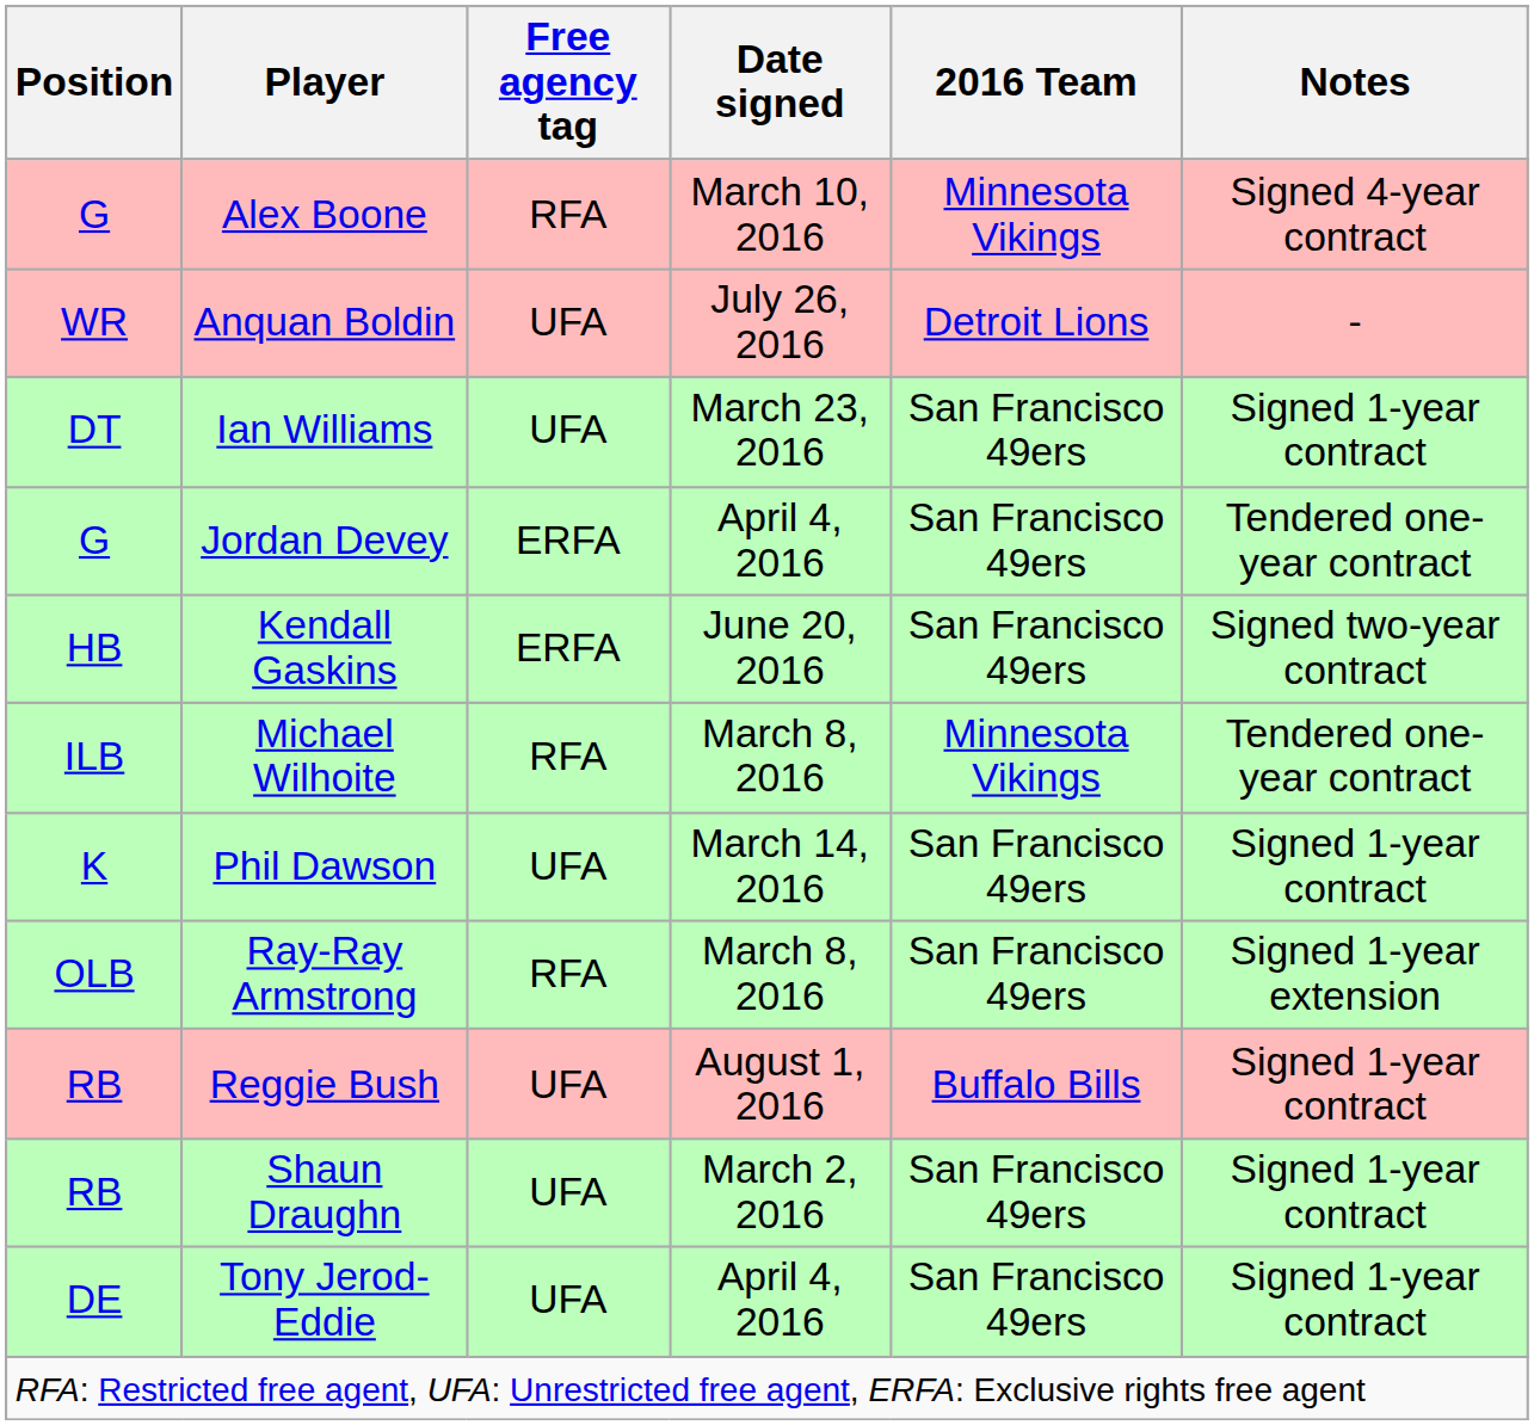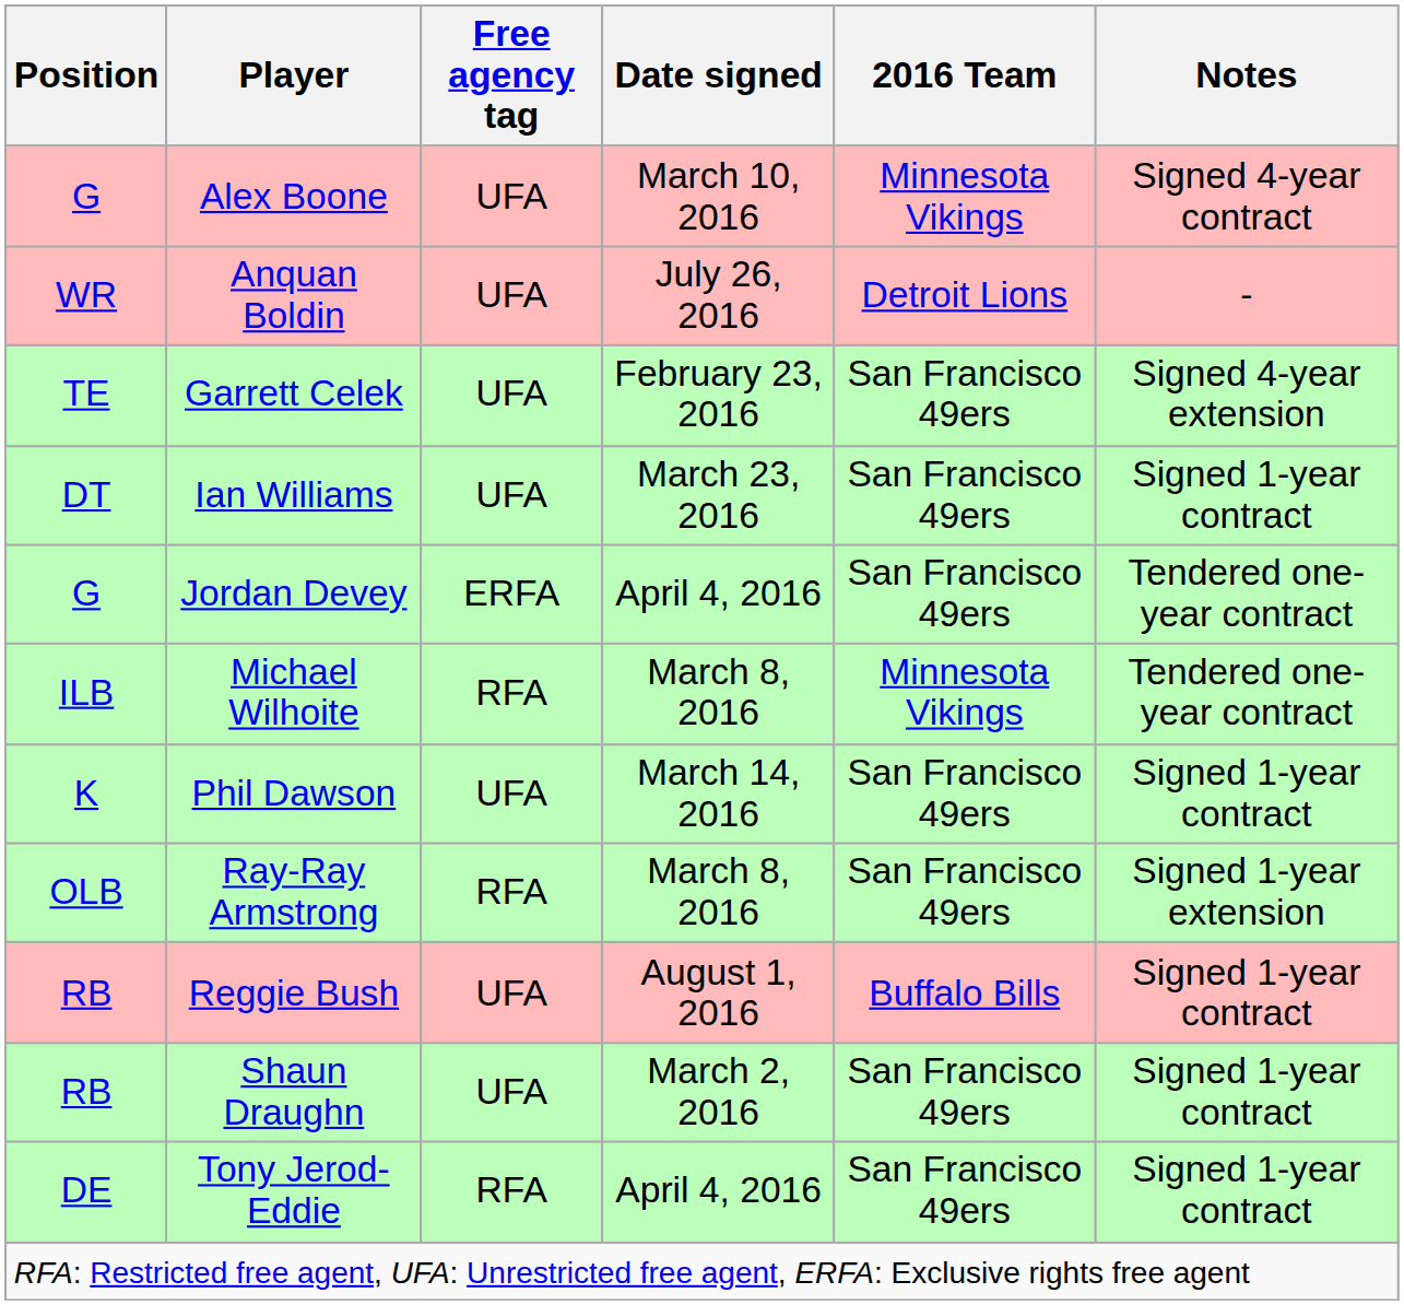 <table class="sortable wikitable">
 <tr>
 <th>Position</th>
 <th>Player</th>
 <th><a href='#'>Free agency</a><br>tag</th>
 <th>Date signed</th>
 <th>2016 Team</th>
 <th>Notes</th>
 </tr>
 <tr style="background:#fbb; text-align:center;">
 <td><a href='#'>G</a></td>
 <td><a href='#'>Alex Boone</a></td>
-<td>RFA</td>
+<td>UFA</td>
 <td>March 10, 2016</td>
 <td><a href='#'>Minnesota Vikings</a></td>
 <td>Signed 4-year contract</td>
 </tr>
 <tr style="background:#fbb; text-align:center;">
 <td><a href='#'>WR</a></td>
 <td><a href='#'>Anquan Boldin</a></td>
 <td>UFA</td>
 <td>July 26, 2016</td>
 <td><a href='#'>Detroit Lions</a></td>
 <td>-</td>
+</tr>
+<tr style="background:#bfb; text-align:center;">
+<td><a href='#'>TE</a></td>
+<td><a href='#'>Garrett Celek</a></td>
+<td>UFA</td>
+<td>February 23, 2016</td>
+<td>San Francisco 49ers</td>
+<td>Signed 4-year extension</td>
 </tr>
 <tr style="background:#bfb; text-align:center;">
 <td><a href='#'>DT</a></td>
 <td><a href='#'>Ian Williams</a></td>
 <td>UFA</td>
 <td>March 23, 2016</td>
 <td>San Francisco 49ers</td>
 <td>Signed 1-year contract</td>
 </tr>
 <tr style="background:#bfb; text-align:center;">
 <td><a href='#'>G</a></td>
 <td><a href='#'>Jordan Devey</a></td>
 <td>ERFA</td>
 <td>April 4, 2016</td>
 <td>San Francisco 49ers</td>
 <td>Tendered one-year contract</td>
-</tr>
-<tr style="background:#bfb; text-align:center;">
-<td><a href='#'>HB</a></td>
-<td><a href='#'>Kendall Gaskins</a></td>
-<td>ERFA</td>
-<td>June 20, 2016</td>
-<td>San Francisco 49ers</td>
-<td>Signed two-year contract</td>
 </tr>
 <tr style="background:#bfb; text-align:center;">
 <td><a href='#'>ILB</a></td>
 <td><a href='#'>Michael Wilhoite</a></td>
 <td>RFA</td>
 <td>March 8, 2016</td>
 <td><a href='#'>Minnesota Vikings</a></td>
 <td>Tendered one-year contract</td>
 </tr>
 <tr style="background:#bfb; text-align:center;">
 <td><a href='#'>K</a></td>
 <td><a href='#'>Phil Dawson</a></td>
 <td>UFA</td>
 <td>March 14, 2016</td>
 <td>San Francisco 49ers</td>
 <td>Signed 1-year contract</td>
 </tr>
 <tr style="background:#bfb; text-align:center;">
 <td><a href='#'>OLB</a></td>
 <td><a href='#'>Ray-Ray Armstrong</a></td>
 <td>RFA</td>
 <td>March 8, 2016</td>
 <td>San Francisco 49ers</td>
 <td>Signed 1-year extension</td>
 </tr>
 <tr style="background:#fbb; text-align:center;">
 <td><a href='#'>RB</a></td>
 <td><a href='#'>Reggie Bush</a></td>
 <td>UFA</td>
 <td>August 1, 2016</td>
 <td><a href='#'>Buffalo Bills</a></td>
 <td>Signed 1-year contract</td>
 </tr>
 <tr style="background:#bfb; text-align:center;">
 <td><a href='#'>RB</a></td>
 <td><a href='#'>Shaun Draughn</a></td>
 <td>UFA</td>
 <td>March 2, 2016</td>
 <td>San Francisco 49ers</td>
 <td>Signed 1-year contract</td>
 </tr>
 <tr style="background:#bfb; text-align:center;">
 <td><a href='#'>DE</a></td>
 <td><a href='#'>Tony Jerod-Eddie</a></td>
-<td>UFA</td>
+<td>RFA</td>
 <td>April 4, 2016</td>
 <td>San Francisco 49ers</td>
 <td>Signed 1-year contract</td>
 </tr>
 <tr>
 <td colspan="6"><small><em>RFA</em>: <a href='#'>Restricted free agent</a>, <em>UFA</em>: <a href='#'>Unrestricted free agent</a>, <em>ERFA</em>: Exclusive rights free agent</small><br></td>
 </tr>
 </table>
